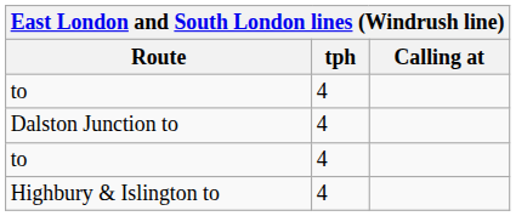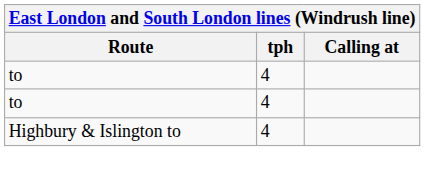 <table class="wikitable">
 <tr>
 <th colspan="3" style="border-color:#"><a href='#'>East London</a> and <a href='#'>South London lines</a> (Windrush line)</th>
 </tr>
 <tr>
 <th>Route</th>
 <th>tph</th>
 <th>Calling at</th>
 </tr>
 <tr>
 <td> to </td>
 <td>4</td>
 <td></td>
 </tr>
 <tr>
-<td>Dalston Junction to </td>
-<td>4</td>
-<td></td>
-</tr>
-<tr>
 <td> to </td>
 <td>4</td>
 <td></td>
 </tr>
 <tr>
 <td>Highbury & Islington to </td>
 <td>4</td>
 <td></td>
 </tr>
 </table>
